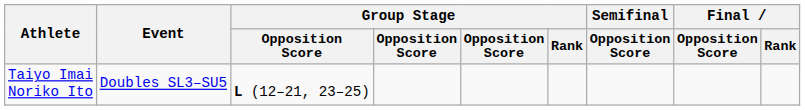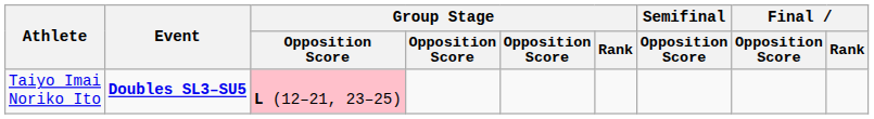 <table class="wikitable" style="font-size:90%; text-align:center">
 <tr>
 <th rowspan=2>Athlete</th>
 <th rowspan=2>Event</th>
 <th colspan=4>Group Stage</th>
 <th>Semifinal</th>
 <th colspan=2>Final / </th>
 </tr>
 <tr style="font-size:95%">
 <th>Opposition<br>Score</th>
 <th>Opposition<br>Score</th>
 <th>Opposition<br>Score</th>
 <th>Rank</th>
 <th>Opposition<br>Score</th>
 <th>Opposition<br>Score</th>
 <th>Rank</th>
 </tr>
 <tr>
 <td align=left><a href='#'>Taiyo Imai</a><br><a href='#'>Noriko Ito</a></td>
-<td align=left><a href='#'>Doubles SL3–SU5</a></td>
-<td><br><strong>L</strong> (12–21, 23–25)</td>
+<td align=left><strong><a href='#'>Doubles SL3–SU5</a></strong></td>
+<td style="background: pink;"><br><strong>L</strong> (12–21, 23–25)</td>
 <td></td>
 <td></td>
 <td></td>
 <td></td>
 <td></td>
 <td></td>
 </tr>
 </table>
